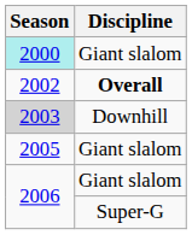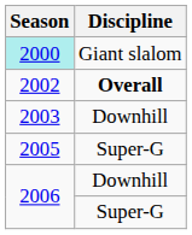 <table class=wikitable style="text-align:center">
 <tr>
 <th>Season</th>
 <th>Discipline</th>
 </tr>
 <tr>
 <td style="background: paleturquoise;"><a href='#'>2000</a></td>
 <td>Giant slalom</td>
 </tr>
 <tr>
 <td><a href='#'>2002</a></td>
 <td><strong>Overall</strong></td>
 </tr>
 <tr>
-<td style="background: lightgrey;"><a href='#'>2003</a></td>
+<td><a href='#'>2003</a></td>
 <td>Downhill</td>
 </tr>
 <tr>
 <td><a href='#'>2005</a></td>
-<td>Giant slalom</td>
+<td>Super-G</td>
 </tr>
 <tr>
 <td rowspan=2><a href='#'>2006</a></td>
-<td>Giant slalom</td>
+<td>Downhill</td>
 </tr>
 <tr>
 <td>Super-G</td>
 </tr>
 </table>
